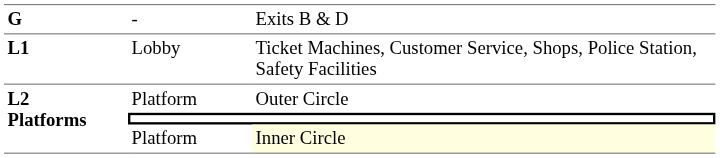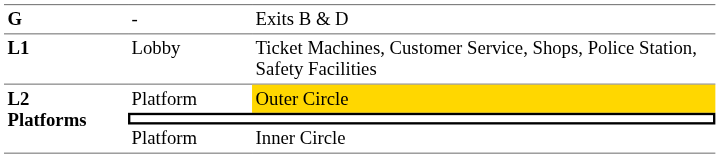 <table table border=0 cellspacing=0 cellpadding=3>
 <tr>
 <td style="border-top:solid 1px gray;" width=50 valign=top><strong>G</strong></td>
 <td style="border-top:solid 1px gray;" width=100 valign=top>-</td>
 <td style="border-top:solid 1px gray;" width=390 valign=top>Exits B & D</td>
 </tr>
 <tr>
 <td style="border-bottom:solid 1px gray; border-top:solid 1px gray;" valign=top width=100><strong>L1</strong></td>
 <td style="border-bottom:solid 1px gray; border-top:solid 1px gray;" valign=top width=100>Lobby</td>
 <td style="border-bottom:solid 1px gray; border-top:solid 1px gray;" valign=top width=390>Ticket Machines, Customer Service, Shops, Police Station, Safety Facilities</td>
 </tr>
 <tr>
 <td style="border-bottom:solid 1px gray;" rowspan=3 valign=top><strong>L2<br>Platforms</strong></td>
 <td>Platform </td>
-<td>  Outer Circle </td>
+<td style="background: gold;">  Outer Circle </td>
 </tr>
 <tr>
 <td style="border-right:solid 2px black;border-left:solid 2px black;border-top:solid 2px black;border-bottom:solid 2px black;text-align:center;" colspan=2></td>
 </tr>
 <tr>
 <td style="border-bottom:solid 1px gray;">Platform </td>
-<td style="background: lightyellow; border-bottom:solid 1px gray;"> Inner Circle  </td>
+<td style="border-bottom:solid 1px gray;"> Inner Circle  </td>
 </tr>
 <tr>
 </tr>
 </table>
